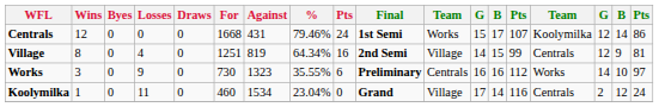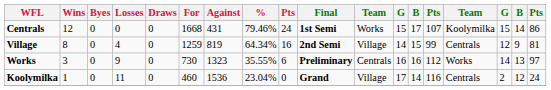 <table class="wikitable">
 <tr>
 <th style="color:crimson">WFL</th>
 <th style="color:crimson">Wins</th>
 <th style="color:crimson">Byes</th>
 <th style="color:crimson">Losses</th>
 <th style="color:crimson">Draws</th>
 <th style="color:crimson">For</th>
 <th style="color:crimson">Against</th>
 <th style="color:crimson">%</th>
 <th style="color:crimson">Pts</th>
 <th style="color:green">Final</th>
 <th style="color:green">Team</th>
 <th style="color:green">G</th>
 <th style="color:green">B</th>
 <th style="color:green">Pts</th>
 <th style="color:green">Team</th>
 <th style="color:green">G</th>
 <th style="color:green">B</th>
 <th style="color:green">Pts</th>
 </tr>
 <tr>
 <td><strong>	Centrals	</strong></td>
 <td>12</td>
 <td>0</td>
 <td>0</td>
 <td>0</td>
 <td>1668</td>
 <td>431</td>
 <td>79.46%</td>
 <td>24</td>
 <td><strong>1st Semi</strong></td>
 <td>Works</td>
 <td>15</td>
 <td>17</td>
 <td>107</td>
 <td>Koolymilka</td>
-<td>12</td>
+<td>15</td>
 <td>14</td>
 <td>86</td>
 </tr>
 <tr>
 <td><strong>	Village	</strong></td>
 <td>8</td>
 <td>0</td>
 <td>4</td>
 <td>0</td>
-<td>1251</td>
+<td>1259</td>
 <td>819</td>
 <td>64.34%</td>
 <td>16</td>
 <td><strong>2nd Semi</strong></td>
 <td>Village</td>
 <td>14</td>
 <td>15</td>
 <td>99</td>
 <td>Centrals</td>
 <td>12</td>
 <td>9</td>
 <td>81</td>
 </tr>
 <tr>
 <td><strong>	Works	</strong></td>
 <td>3</td>
 <td>0</td>
 <td>9</td>
 <td>0</td>
 <td>730</td>
 <td>1323</td>
 <td>35.55%</td>
 <td>6</td>
 <td><strong>Preliminary</strong></td>
 <td>Centrals</td>
 <td>16</td>
 <td>16</td>
 <td>112</td>
 <td>Works</td>
 <td>14</td>
-<td>10</td>
+<td>13</td>
 <td>97</td>
 </tr>
 <tr>
 <td><strong>	Koolymilka	</strong></td>
 <td>1</td>
 <td>0</td>
 <td>11</td>
 <td>0</td>
 <td>460</td>
-<td>1534</td>
+<td>1536</td>
 <td>23.04%</td>
 <td>0</td>
 <td><strong>Grand</strong></td>
 <td>Village</td>
 <td>17</td>
 <td>14</td>
 <td>116</td>
 <td>Centrals</td>
 <td>2</td>
 <td>12</td>
 <td>24</td>
 </tr>
 <tr>
 </tr>
 </table>
